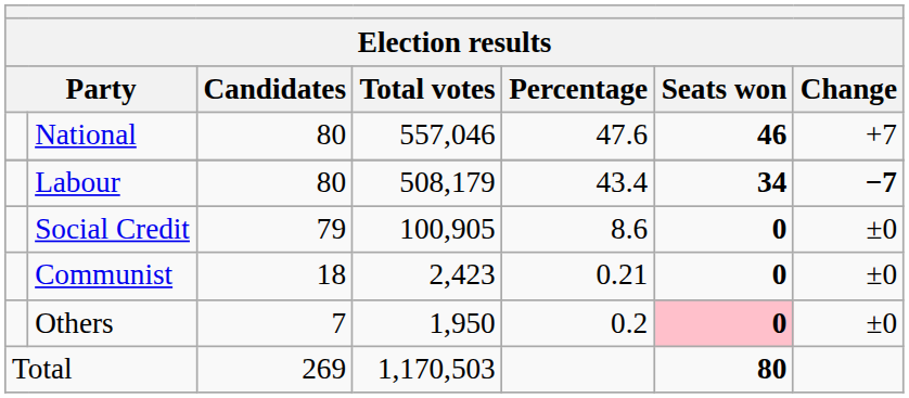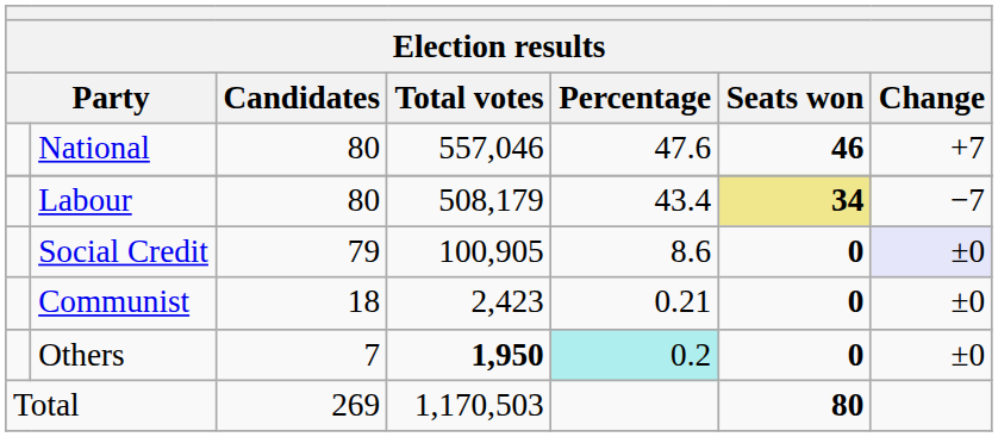 <table class="wikitable" style="text-align:right">
 <tr>
 <th colspan=7></th>
 </tr>
 <tr>
 <th colspan=7>Election results</th>
 </tr>
 <tr>
 <th colspan=2>Party</th>
 <th>Candidates</th>
 <th>Total votes</th>
 <th>Percentage</th>
 <th>Seats won</th>
 <th>Change</th>
 </tr>
 <tr>
 <td width=5 bgcolor=></td>
 <td align=left><a href='#'>National</a></td>
 <td>80</td>
 <td>557,046</td>
 <td>47.6</td>
 <td><strong>46</strong></td>
 <td>+7</td>
 </tr>
 <tr>
 </tr>
 <tr>
 <td bgcolor=></td>
 <td align=left><a href='#'>Labour</a></td>
 <td>80</td>
 <td>508,179</td>
 <td>43.4</td>
-<td><strong>34</strong></td>
-<td><strong>−7</strong></td>
+<td style="background: khaki;"><strong>34</strong></td>
+<td>−7</td>
 </tr>
 <tr>
 <td bgcolor=></td>
 <td align=left><a href='#'>Social Credit</a></td>
 <td>79</td>
 <td>100,905</td>
 <td>8.6</td>
 <td><strong>0</strong></td>
-<td>±0</td>
+<td style="background: lavender;">±0</td>
 </tr>
 <tr>
 <td bgcolor=></td>
 <td align=left><a href='#'>Communist</a></td>
 <td>18</td>
 <td>2,423</td>
 <td>0.21</td>
 <td><strong>0</strong></td>
 <td>±0</td>
 </tr>
 <tr>
 <td bgcolor=></td>
 <td align=left>Others</td>
 <td>7</td>
-<td>1,950</td>
-<td>0.2</td>
-<td style="background: pink;"><strong>0</strong></td>
+<td><strong>1,950</strong></td>
+<td style="background: paleturquoise;">0.2</td>
+<td><strong>0</strong></td>
 <td>±0</td>
 </tr>
 <tr bgcolor=>
 <td colspan=2 align=left>Total</td>
 <td>269</td>
 <td>1,170,503</td>
 <td></td>
 <td><strong>80</strong></td>
 <td></td>
 </tr>
 </table>
